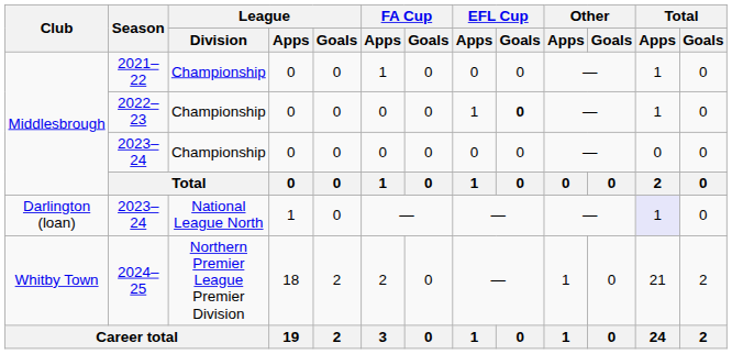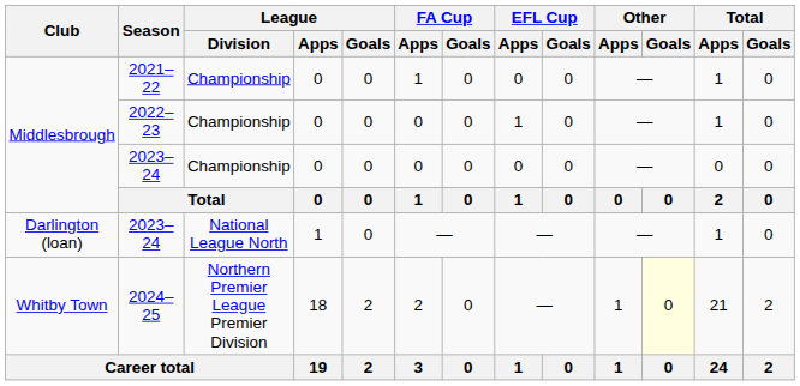 <table class="wikitable" style="text-align:center">
 <tr>
 <th rowspan="2">Club</th>
 <th rowspan="2">Season</th>
 <th colspan="3">League</th>
 <th colspan="2"><a href='#'>FA Cup</a></th>
 <th colspan="2"><a href='#'>EFL Cup</a></th>
 <th colspan="2">Other</th>
 <th colspan="2">Total</th>
 </tr>
 <tr>
 <th>Division</th>
 <th>Apps</th>
 <th>Goals</th>
 <th>Apps</th>
 <th>Goals</th>
 <th>Apps</th>
 <th>Goals</th>
 <th>Apps</th>
 <th>Goals</th>
 <th>Apps</th>
 <th>Goals</th>
 </tr>
 <tr>
 <td rowspan="4"><a href='#'>Middlesbrough</a></td>
 <td><a href='#'>2021–22</a></td>
 <td><a href='#'>Championship</a></td>
 <td>0</td>
 <td>0</td>
 <td>1</td>
 <td>0</td>
 <td>0</td>
 <td>0</td>
 <td colspan="2">—</td>
 <td>1</td>
 <td>0</td>
 </tr>
 <tr>
 <td><a href='#'>2022–23</a></td>
 <td>Championship</td>
 <td>0</td>
 <td>0</td>
 <td>0</td>
 <td>0</td>
 <td>1</td>
-<td><strong>0</strong></td>
+<td>0</td>
 <td colspan="2">—</td>
 <td>1</td>
 <td>0</td>
 </tr>
 <tr>
 <td><a href='#'>2023–24</a></td>
 <td>Championship</td>
 <td>0</td>
 <td>0</td>
 <td>0</td>
 <td>0</td>
 <td>0</td>
 <td>0</td>
 <td colspan="2">—</td>
 <td>0</td>
 <td>0</td>
 </tr>
 <tr>
 <th colspan=2>Total</th>
 <th>0</th>
 <th>0</th>
 <th>1</th>
 <th>0</th>
 <th>1</th>
 <th>0</th>
 <th>0</th>
 <th>0</th>
 <th>2</th>
 <th>0</th>
 </tr>
 <tr>
 <td><a href='#'>Darlington</a> (loan)</td>
 <td><a href='#'>2023–24</a></td>
 <td><a href='#'>National League North</a></td>
 <td>1</td>
 <td>0</td>
 <td colspan="2">—</td>
 <td colspan="2">—</td>
 <td colspan="2">—</td>
-<td style="background: lavender;">1</td>
+<td>1</td>
 <td>0</td>
 </tr>
 <tr>
 <td><a href='#'>Whitby Town</a></td>
 <td><a href='#'>2024–25</a></td>
 <td><a href='#'>Northern Premier League</a> Premier Division</td>
 <td>18</td>
 <td>2</td>
 <td>2</td>
 <td>0</td>
 <td colspan="2">—</td>
 <td>1</td>
-<td>0</td>
+<td style="background: lightyellow;">0</td>
 <td>21</td>
 <td>2</td>
 </tr>
 <tr>
 <th colspan=3>Career total</th>
 <th>19</th>
 <th>2</th>
 <th>3</th>
 <th>0</th>
 <th>1</th>
 <th>0</th>
 <th>1</th>
 <th>0</th>
 <th>24</th>
 <th>2</th>
 </tr>
 </table>
